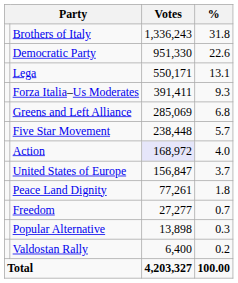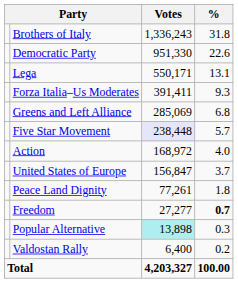 <table class="wikitable" style="font-size:95%">
 <tr>
 <th colspan=2>Party</th>
 <th>Votes</th>
 <th>%</th>
 </tr>
 <tr>
 <td></td>
 <td><a href='#'>Brothers of Italy</a></td>
 <td align=right>1,336,243</td>
 <td align=right>31.8</td>
 </tr>
 <tr>
 <td></td>
 <td><a href='#'>Democratic Party</a></td>
 <td align=right>951,330</td>
 <td align=right>22.6</td>
 </tr>
 <tr>
 <td></td>
 <td><a href='#'>Lega</a></td>
 <td align=right>550,171</td>
 <td align=right>13.1</td>
 </tr>
 <tr>
 <td></td>
 <td><a href='#'>Forza Italia</a>–<a href='#'>Us Moderates</a></td>
 <td align=right>391,411</td>
 <td align=right>9.3</td>
 </tr>
 <tr>
 <td></td>
 <td><a href='#'>Greens and Left Alliance</a></td>
 <td align=right>285,069</td>
 <td align=right>6.8</td>
 </tr>
 <tr>
 <td></td>
 <td><a href='#'>Five Star Movement</a></td>
-<td align=right>238,448</td>
+<td align=right style="background: lavender;">238,448</td>
 <td align=right>5.7</td>
 </tr>
 <tr>
 <td></td>
 <td><a href='#'>Action</a></td>
-<td align=right style="background: lavender;">168,972</td>
+<td align=right>168,972</td>
 <td align=right>4.0</td>
 </tr>
 <tr>
 <td></td>
 <td><a href='#'>United States of Europe</a></td>
 <td align=right>156,847</td>
 <td align=right>3.7</td>
 </tr>
 <tr>
 <td></td>
 <td><a href='#'>Peace Land Dignity</a></td>
 <td align=right>77,261</td>
 <td align=right>1.8</td>
 </tr>
 <tr>
 <td></td>
 <td><a href='#'>Freedom</a></td>
 <td align=right>27,277</td>
-<td align=right>0.7</td>
+<td align=right><strong>0.7</strong></td>
 </tr>
 <tr>
 <td></td>
 <td><a href='#'>Popular Alternative</a></td>
-<td align=right>13,898</td>
+<td align=right style="background: paleturquoise;">13,898</td>
 <td align=right>0.3</td>
 </tr>
 <tr>
 <td></td>
 <td><a href='#'>Valdostan Rally</a></td>
 <td align=right>6,400</td>
 <td align=right>0.2</td>
 </tr>
 <tr>
 <td colspan=2><strong>Total</strong></td>
 <td align=right><strong>4,203,327</strong></td>
 <td align=right><strong>100.00</strong></td>
 </tr>
 </table>
